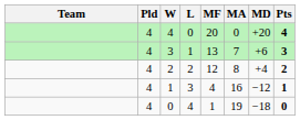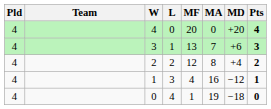 <table class="wikitable" style="text-align:center">
 <tr>
+<th width="20">Pld</th>
 <th width="175">Team</th>
-<th width="20">Pld</th>
 <th width="20">W</th>
 <th width="20">L</th>
 <th width="20">MF</th>
 <th width="20">MA</th>
 <th width="20">MD</th>
 <th width="20">Pts</th>
 </tr>
 <tr bgcolor="bbf3bb">
+<td>4</td>
 <td align="left"></td>
-<td>4</td>
 <td>4</td>
 <td>0</td>
 <td>20</td>
 <td>0</td>
 <td>+20</td>
 <td><strong>4</strong></td>
 </tr>
 <tr bgcolor="bbf3bb">
+<td>4</td>
 <td align="left"></td>
-<td>4</td>
 <td>3</td>
 <td>1</td>
 <td>13</td>
 <td>7</td>
 <td>+6</td>
 <td><strong>3</strong></td>
 </tr>
 <tr>
+<td>4</td>
 <td align="left"></td>
-<td>4</td>
 <td>2</td>
 <td>2</td>
 <td>12</td>
 <td>8</td>
 <td>+4</td>
 <td><strong>2</strong></td>
 </tr>
 <tr>
+<td>4</td>
 <td align="left"></td>
-<td>4</td>
 <td>1</td>
 <td>3</td>
 <td>4</td>
 <td>16</td>
 <td>−12</td>
 <td><strong>1</strong></td>
 </tr>
 <tr>
+<td>4</td>
 <td align="left"></td>
-<td>4</td>
 <td>0</td>
 <td>4</td>
 <td>1</td>
 <td>19</td>
 <td>−18</td>
 <td><strong>0</strong></td>
 </tr>
 </table>
